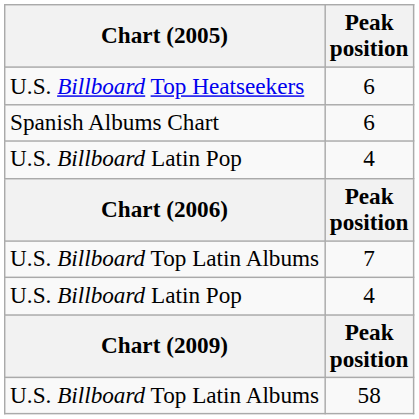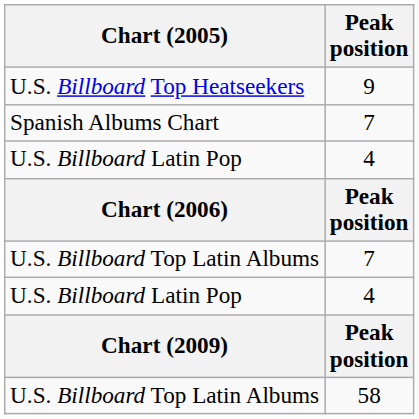 <table class="wikitable">
 <tr>
 <th align="center">Chart (2005) </th>
 <th align="center">Peak<br>position</th>
 </tr>
 <tr>
 <td align="left">U.S. <em><a href='#'>Billboard</a></em> <a href='#'>Top Heatseekers</a></td>
-<td align="center">6</td>
+<td align="center">9</td>
 </tr>
 <tr>
 <td align="left">Spanish Albums Chart</td>
-<td align="center">6</td>
+<td align="center">7</td>
 </tr>
 <tr>
 <td align="left">U.S. <em>Billboard</em> Latin Pop</td>
 <td align="center">4</td>
 </tr>
 <tr>
 <th align="center">Chart (2006)</th>
 <th align="center">Peak<br>position</th>
 </tr>
 <tr>
 <td align="left">U.S. <em>Billboard</em> Top Latin Albums</td>
 <td align="center">7</td>
 </tr>
 <tr>
 <td align="left">U.S. <em>Billboard</em> Latin Pop</td>
 <td align="center">4</td>
 </tr>
 <tr>
 <th align="center">Chart (2009)</th>
 <th align="center">Peak<br>position</th>
 </tr>
 <tr>
 <td align="left">U.S. <em>Billboard</em> Top Latin Albums</td>
 <td align="center">58</td>
 </tr>
 </table>
